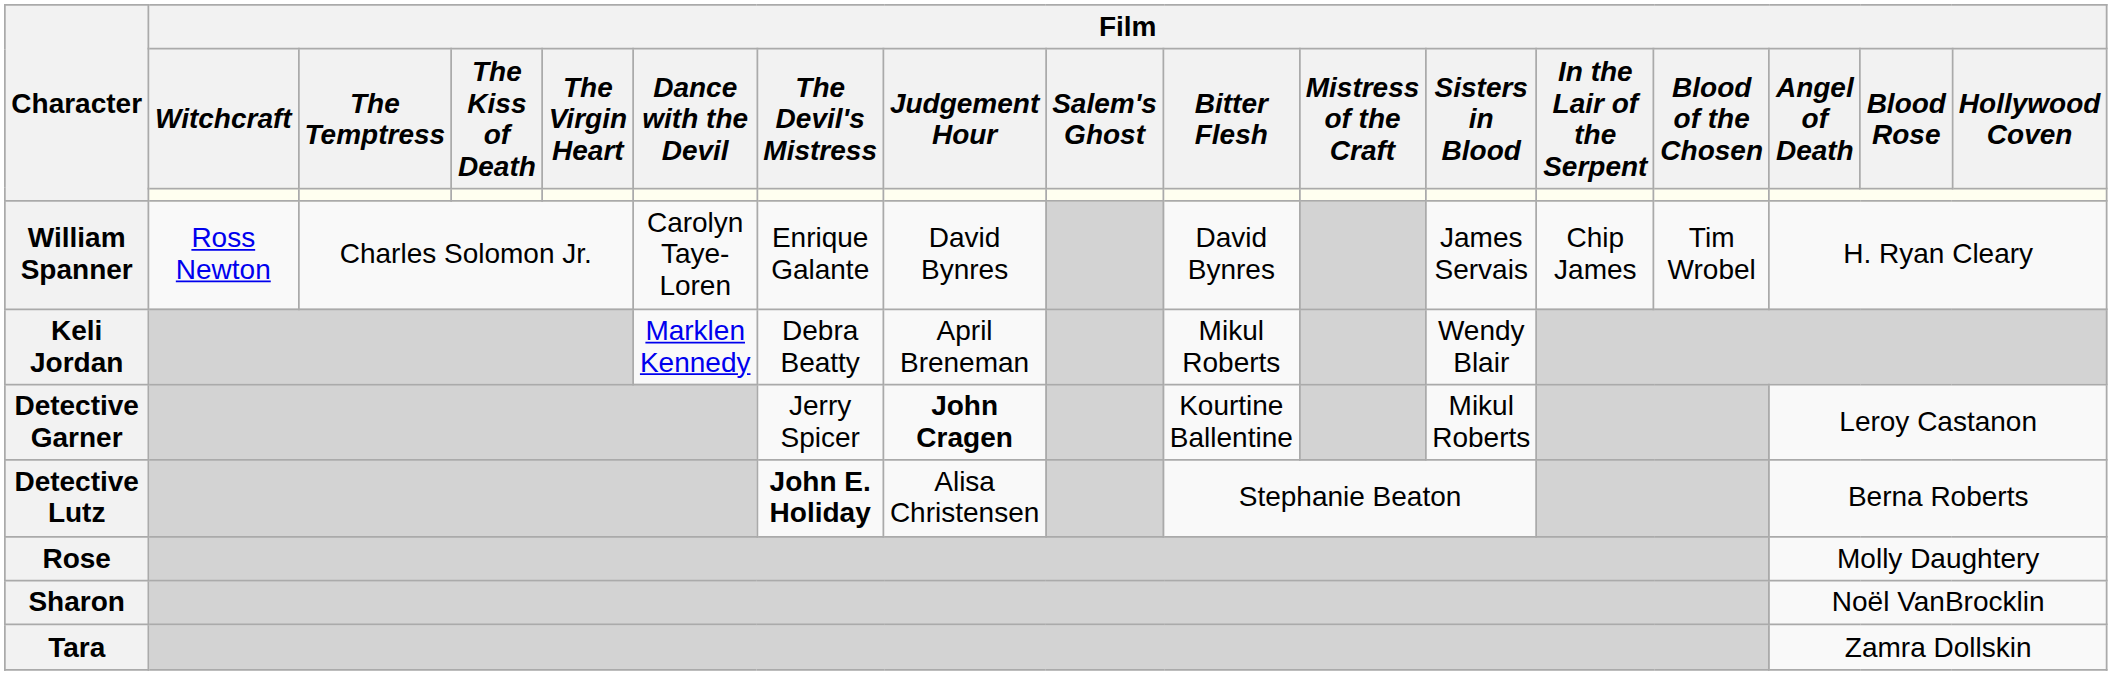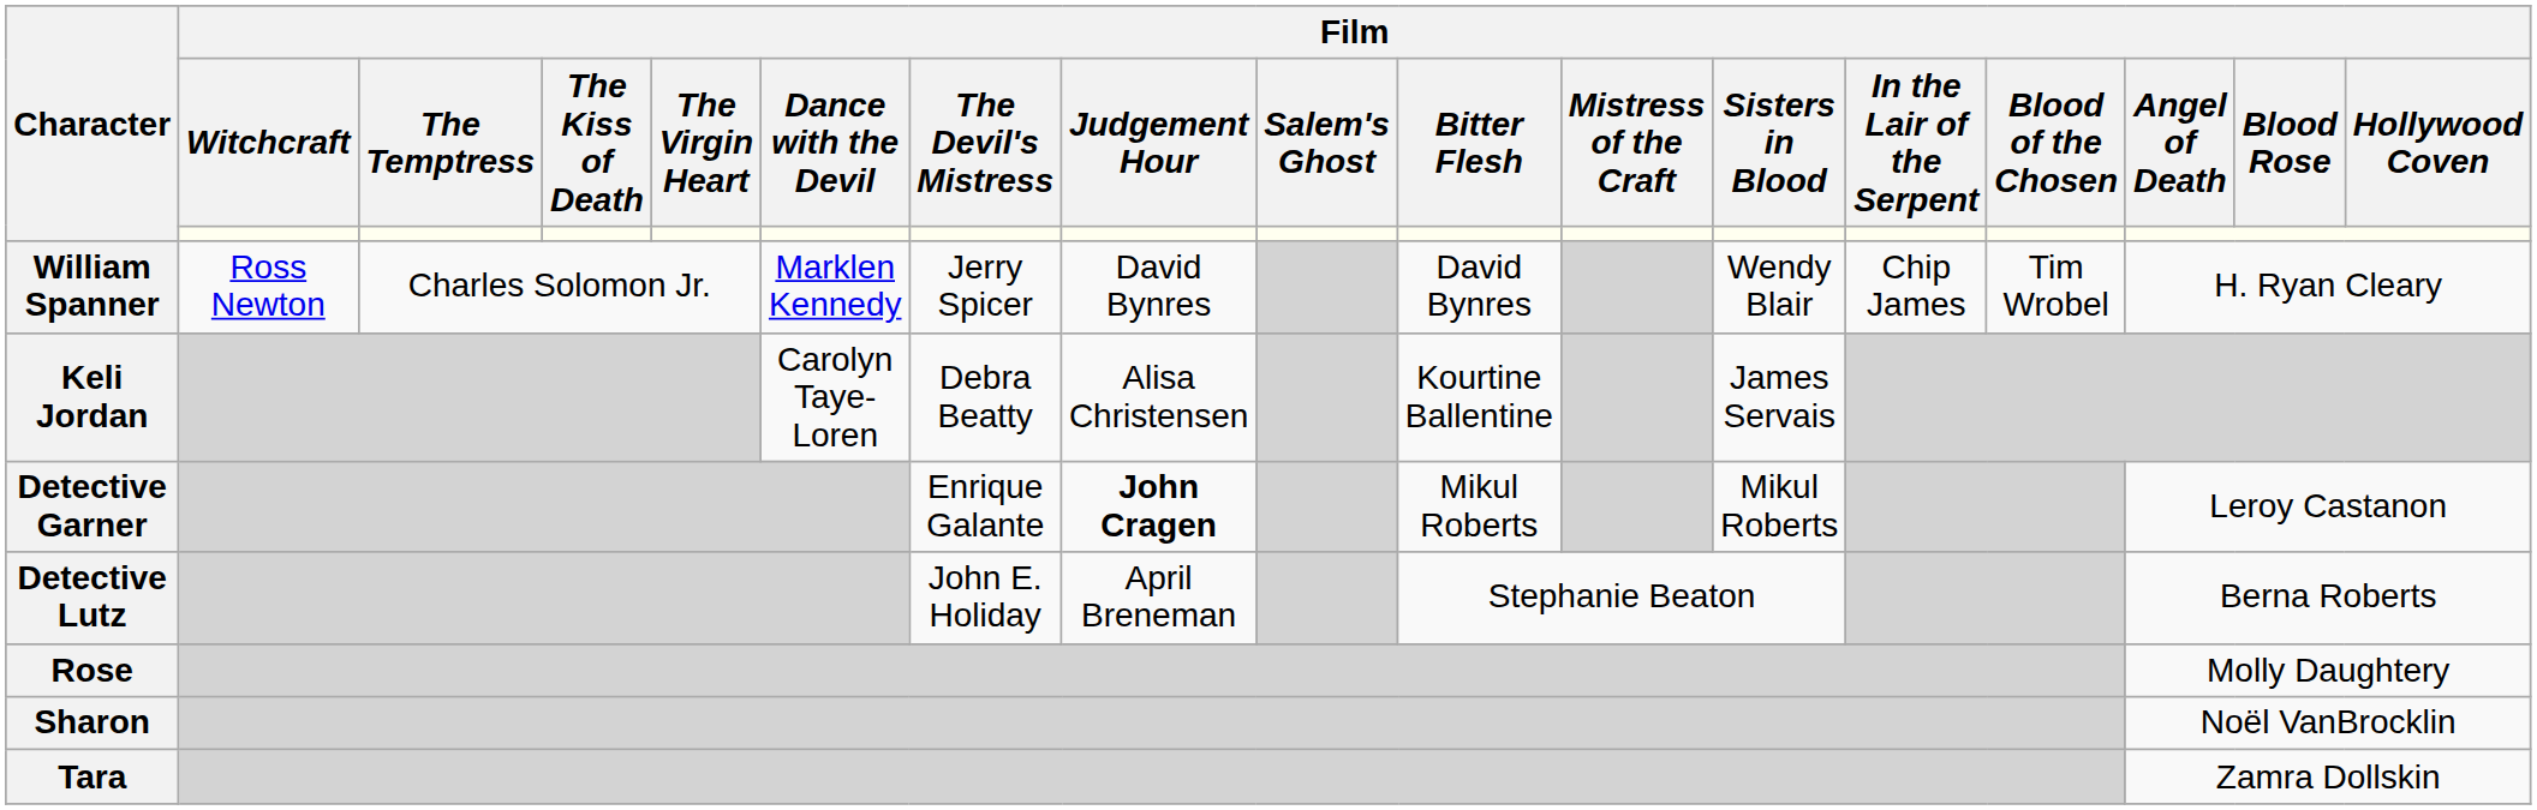 <table class="wikitable" style="text-align:center" width=99%>
 <tr>
 <th rowspan="3" width="10%">Character</th>
 <th colspan="16" align="center">Film</th>
 </tr>
 <tr>
 <th align="center" width="10%"><em>Witchcraft</em></th>
 <th align="center" width="10%"><em>The Temptress</em></th>
 <th align="center" width="10%"><em>The Kiss of Death</em></th>
 <th align="center" width="10%"><em>The Virgin Heart</em></th>
 <th align="center" width="10%"><em>Dance with the Devil</em></th>
 <th align="center" width="10%"><em>The Devil's Mistress</em></th>
 <th align="center" width="10%"><em>Judgement Hour</em></th>
 <th align="center" width="10%"><em>Salem's Ghost</em></th>
 <th align="center" width="10%"><em>Bitter Flesh</em></th>
 <th align="center" width="10%"><em>Mistress of the Craft</em></th>
 <th align="center" width="10%"><em>Sisters in Blood</em></th>
 <th align="center" width="10%"><em>In the Lair of the Serpent</em></th>
 <th align="center" width="10%"><em>Blood of the Chosen</em></th>
 <th align="center" width="10%"><em>Angel of Death</em></th>
 <th align="center" width="10%"><em>Blood Rose</em></th>
 <th align="center" width="10%"><em>Hollywood Coven</em></th>
 </tr>
 <tr>
 <th style="background:ivory;"></th>
 <th style="background:ivory;"></th>
 <th style="background:ivory;"></th>
 <th style="background:ivory;"></th>
 <th style="background:ivory;"></th>
 <th style="background:ivory;"></th>
 <th style="background:ivory;"></th>
 <th style="background:ivory;"></th>
 <th style="background:ivory;"></th>
 <th style="background:ivory;"></th>
 <th style="background:ivory;"></th>
 <th style="background:ivory;"></th>
 <th style="background:ivory;"></th>
 <th colspan="3" style="background:ivory;"></th>
 </tr>
 <tr>
 <th>William Spanner</th>
 <td><a href='#'>Ross Newton</a></td>
 <td colspan="3">Charles Solomon Jr.</td>
-<td>Carolyn Taye-Loren</td>
-<td>Enrique Galante</td>
+<td><a href='#'>Marklen Kennedy</a></td>
+<td>Jerry Spicer</td>
 <td>David Bynres</td>
 <td style="background-color:lightgrey;"> </td>
 <td>David Bynres</td>
 <td style="background-color:lightgrey;"> </td>
-<td>James Servais</td>
+<td>Wendy Blair</td>
 <td>Chip James</td>
 <td>Tim Wrobel</td>
 <td colspan="3">H. Ryan Cleary</td>
 </tr>
 <tr>
 <th>Keli Jordan</th>
 <td colspan="4" style="background-color:lightgrey;"> </td>
-<td><a href='#'>Marklen Kennedy</a></td>
+<td>Carolyn Taye-Loren</td>
 <td>Debra Beatty</td>
-<td>April Breneman</td>
+<td>Alisa Christensen</td>
 <td style="background-color:lightgrey;"> </td>
-<td>Mikul Roberts</td>
+<td>Kourtine Ballentine</td>
 <td style="background-color:lightgrey;"> </td>
-<td>Wendy Blair</td>
+<td>James Servais</td>
 <td colspan="5" style="background-color:lightgrey;"> </td>
 </tr>
 <tr>
 <th>Detective Garner</th>
 <td colspan="5" style="background-color:lightgrey;"> </td>
-<td>Jerry Spicer</td>
+<td>Enrique Galante</td>
 <td><strong>John Cragen</strong></td>
 <td style="background-color:lightgrey;"> </td>
-<td>Kourtine Ballentine</td>
+<td>Mikul Roberts</td>
 <td style="background-color:lightgrey;"> </td>
 <td>Mikul Roberts</td>
 <td colspan="2" style="background-color:lightgrey;"> </td>
 <td colspan="3">Leroy Castanon</td>
 </tr>
 <tr>
 <th>Detective Lutz</th>
 <td colspan="5" style="background-color:lightgrey;"> </td>
-<td><strong>John E. Holiday</strong></td>
-<td>Alisa Christensen</td>
+<td>John E. Holiday</td>
+<td>April Breneman</td>
 <td style="background-color:lightgrey;"> </td>
 <td colspan="3">Stephanie Beaton</td>
 <td colspan="2" style="background-color:lightgrey;"> </td>
 <td colspan="3">Berna Roberts</td>
 </tr>
 <tr>
 <th>Rose</th>
 <td colspan="13" style="background-color:lightgrey;"> </td>
 <td colspan="3">Molly Daughtery</td>
 </tr>
 <tr>
 <th>Sharon</th>
 <td colspan="13" style="background-color:lightgrey;"> </td>
 <td colspan="3">Noël VanBrocklin</td>
 </tr>
 <tr>
 <th>Tara</th>
 <td colspan="13" style="background-color:lightgrey;"> </td>
 <td colspan="3">Zamra Dollskin</td>
 </tr>
 </table>
